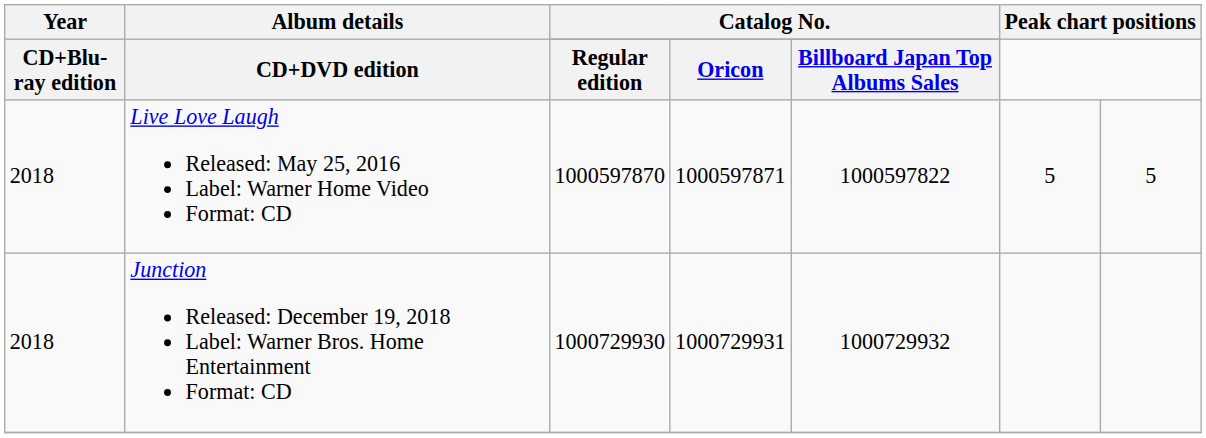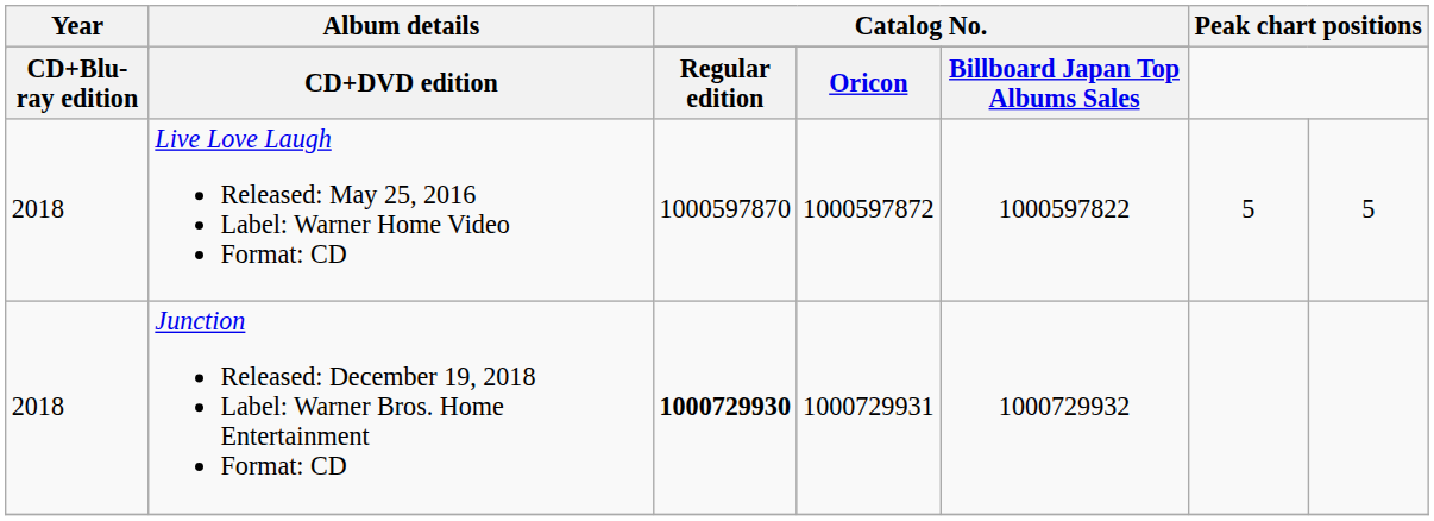 <table class="wikitable">
 <tr>
 <th rowspan="2">Year</th>
 <th rowspan="2" width=300px>Album details</th>
 <th colspan="3">Catalog No.</th>
 <th colspan="2">Peak chart positions</th>
 </tr>
 <tr>
 </tr>
 <tr>
 <th width="80px">CD+Blu-ray edition</th>
 <th width="80px">CD+DVD edition</th>
 <th width="80px">Regular edition</th>
 <th style="width:3.5em;"><strong><a href='#'>Oricon</a></strong></th>
 <th style="width:9em;"><strong><a href='#'>Billboard Japan Top Albums Sales</a></strong></th>
 </tr>
 <tr>
 <td rowspan="1">2018</td>
 <td align="left"><em><a href='#'>Live Love Laugh</a></em><br><ul><li>Released: May 25, 2016</li><li>Label: Warner Home Video</li><li>Format: CD</li></ul></td>
 <td align=center>1000597870</td>
-<td align=center>1000597871</td>
+<td align=center>1000597872</td>
 <td align=center>1000597822</td>
 <td align="center">5</td>
 <td align="center">5</td>
 </tr>
 <tr>
 <td rowspan="1">2018</td>
 <td align="left"><em><a href='#'>Junction</a></em><br><ul><li>Released: December 19, 2018</li><li>Label: Warner Bros. Home Entertainment</li><li>Format: CD</li></ul></td>
-<td align=center>1000729930</td>
+<td align=center><strong>1000729930</strong></td>
 <td align=center>1000729931</td>
 <td align=center>1000729932</td>
 <td align="center"></td>
 <td align="center"></td>
 </tr>
 <tr>
 </tr>
 </table>
